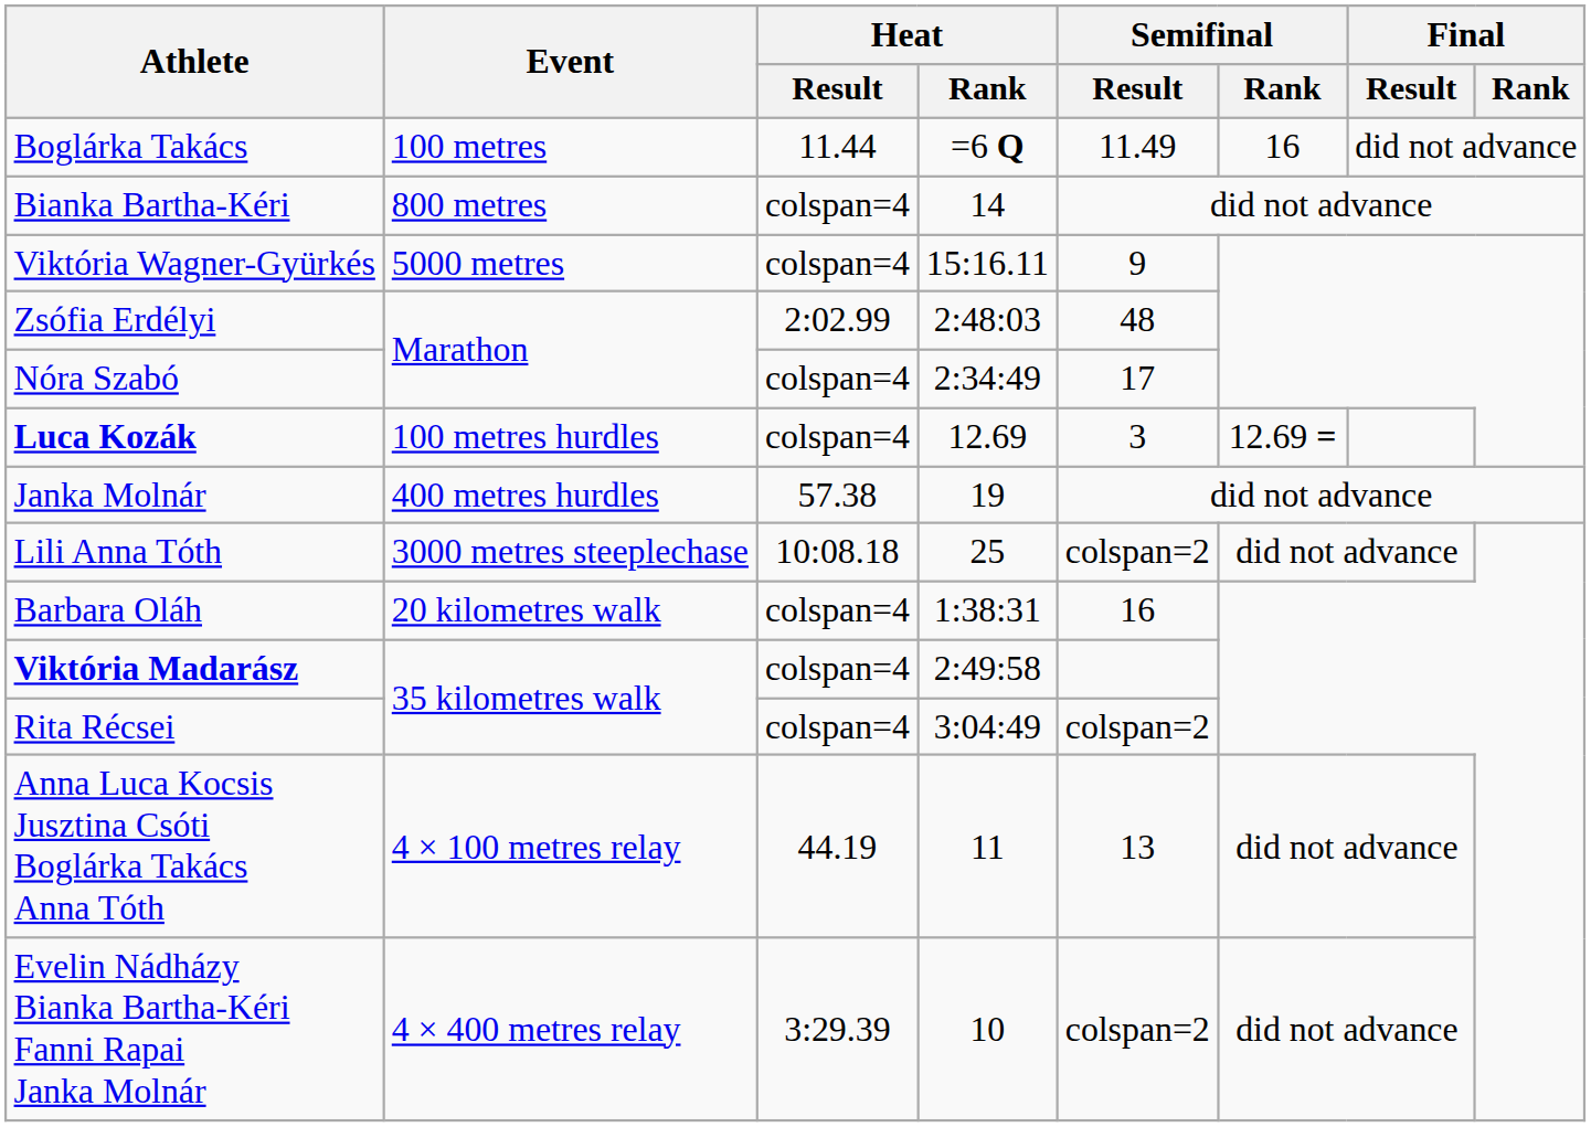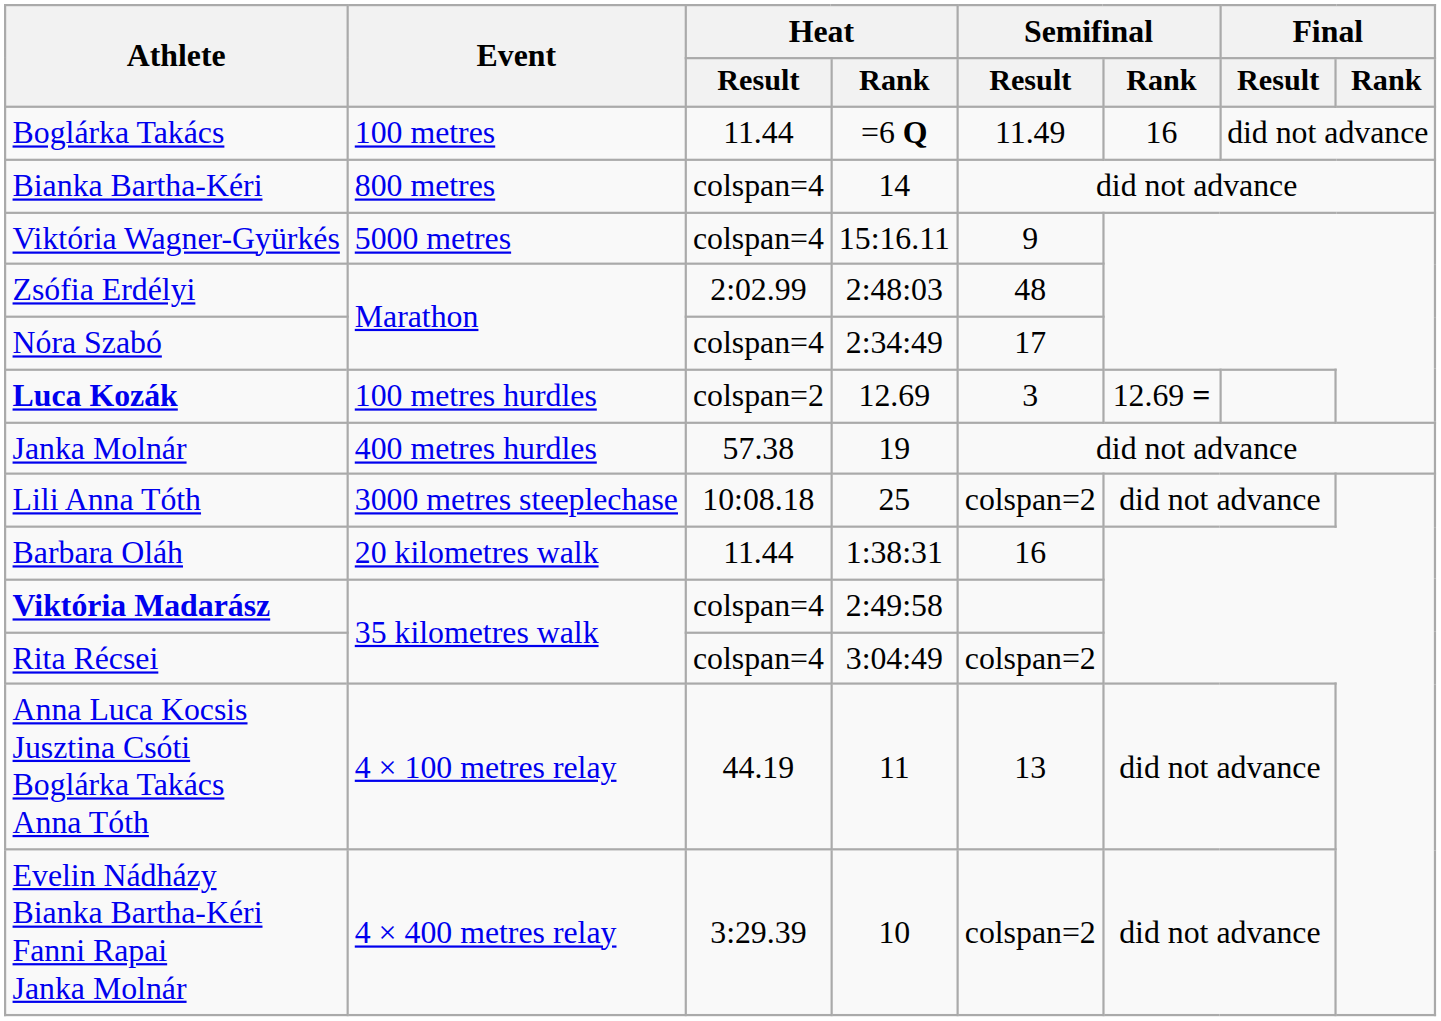 <table class=wikitable style=font-size:90%>
 <tr>
 <th rowspan=2>Athlete</th>
 <th rowspan=2>Event</th>
 <th colspan=2>Heat</th>
 <th colspan=2>Semifinal</th>
 <th colspan=2>Final</th>
 </tr>
 <tr style=font-size:95%>
 <th>Result</th>
 <th>Rank</th>
 <th>Result</th>
 <th>Rank</th>
 <th>Result</th>
 <th>Rank</th>
 </tr>
 <tr align=center>
 <td align=left><a href='#'>Boglárka Takács</a></td>
 <td align=left><a href='#'>100 metres</a></td>
 <td>11.44</td>
 <td>=6 <strong>Q</strong></td>
 <td>11.49</td>
 <td>16</td>
 <td colspan=2>did not advance</td>
 </tr>
 <tr align=center>
 <td align=left><a href='#'>Bianka Bartha-Kéri</a></td>
 <td align=left><a href='#'>800 metres</a></td>
 <td>colspan=4</td>
 <td>14</td>
 <td colspan=4>did not advance</td>
 </tr>
 <tr align=center>
 <td align=left><a href='#'>Viktória Wagner-Gyürkés</a></td>
 <td align=left><a href='#'>5000 metres</a></td>
 <td>colspan=4</td>
 <td>15:16.11 <strong></strong></td>
 <td>9</td>
 </tr>
 <tr align=center>
 <td align=left><a href='#'>Zsófia Erdélyi</a></td>
 <td align=left rowspan=2><a href='#'>Marathon</a></td>
 <td>2:02.99</td>
 <td>2:48:03</td>
 <td>48</td>
 </tr>
 <tr align=center>
 <td align=left><a href='#'>Nóra Szabó</a></td>
 <td>colspan=4</td>
 <td>2:34:49 <strong></strong></td>
 <td>17</td>
 </tr>
 <tr align=center>
 <td align=left><strong><a href='#'>Luca Kozák</a></strong></td>
 <td align=left><a href='#'>100 metres hurdles</a></td>
-<td>colspan=4</td>
+<td>colspan=2</td>
 <td>12.69 <strong></strong></td>
 <td>3</td>
 <td>12.69 <strong>=</strong></td>
 <td><strong></strong></td>
 </tr>
 <tr align=center>
 <td align=left><a href='#'>Janka Molnár</a></td>
 <td align=left><a href='#'>400 metres hurdles</a></td>
 <td>57.38</td>
 <td>19</td>
 <td colspan=4>did not advance</td>
 </tr>
 <tr align=center>
 <td align=left><a href='#'>Lili Anna Tóth</a></td>
 <td align=left><a href='#'>3000 metres steeplechase</a></td>
 <td>10:08.18 <strong></strong></td>
 <td>25</td>
 <td>colspan=2</td>
 <td colspan=2>did not advance</td>
 </tr>
 <tr align=center>
 <td align=left><a href='#'>Barbara Oláh</a></td>
 <td align=left><a href='#'>20 kilometres walk</a></td>
-<td>colspan=4</td>
+<td>11.44</td>
 <td>1:38:31</td>
 <td>16</td>
 </tr>
 <tr align=center>
 <td align=left><strong><a href='#'>Viktória Madarász</a></strong></td>
 <td align=left rowspan=2><a href='#'>35 kilometres walk</a></td>
 <td>colspan=4</td>
 <td>2:49:58 <strong></strong></td>
 <td><strong></strong></td>
 </tr>
 <tr align=center>
 <td align=left><a href='#'>Rita Récsei</a></td>
 <td>colspan=4</td>
 <td>3:04:49</td>
 <td>colspan=2</td>
 </tr>
 <tr align=center>
 <td align=left><a href='#'>Anna Luca Kocsis</a><br><a href='#'>Jusztina Csóti</a><br><a href='#'>Boglárka Takács</a><br><a href='#'>Anna Tóth</a></td>
 <td align=left><a href='#'>4 × 100 metres relay</a></td>
 <td>44.19 <strong></strong></td>
 <td>11</td>
 <td>13</td>
 <td colspan=2>did not advance</td>
 </tr>
 <tr align=center>
 <td align=left><a href='#'>Evelin Nádházy</a><br><a href='#'>Bianka Bartha-Kéri</a><br><a href='#'>Fanni Rapai</a><br><a href='#'>Janka Molnár</a></td>
 <td align=left><a href='#'>4 × 400 metres relay</a></td>
 <td>3:29.39 <strong></strong></td>
 <td>10</td>
 <td>colspan=2</td>
 <td colspan=2>did not advance</td>
 </tr>
 </table>
